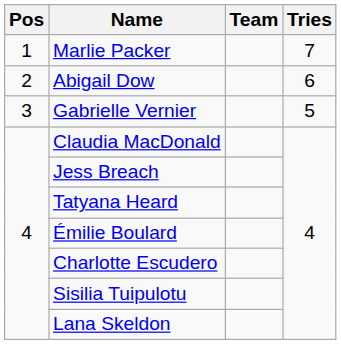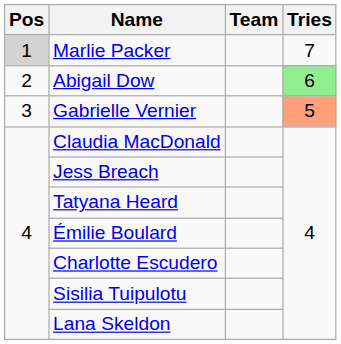 <table class="wikitable" style="text-align:center">
 <tr>
 <th>Pos</th>
 <th>Name</th>
 <th>Team</th>
 <th>Tries</th>
 </tr>
 <tr>
-<td>1</td>
+<td style="background: lightgrey;">1</td>
 <td align="left"><a href='#'>Marlie Packer</a></td>
 <td align="left"></td>
 <td>7</td>
 </tr>
 <tr>
 <td>2</td>
 <td align="left"><a href='#'>Abigail Dow</a></td>
 <td align="left"></td>
-<td>6</td>
+<td style="background: lightgreen;">6</td>
 </tr>
 <tr>
 <td>3</td>
 <td align="left"><a href='#'>Gabrielle Vernier</a></td>
 <td align="left"></td>
-<td>5</td>
+<td style="background: lightsalmon;">5</td>
 </tr>
 <tr>
 <td rowspan=7>4</td>
 <td align="left"><a href='#'>Claudia MacDonald</a></td>
 <td align="left"></td>
 <td rowspan=7>4</td>
 </tr>
 <tr>
 <td align="left"><a href='#'>Jess Breach</a></td>
 <td align="left"></td>
 </tr>
 <tr>
 <td align="left"><a href='#'>Tatyana Heard</a></td>
 <td align="left"></td>
 </tr>
 <tr>
 <td align="left"><a href='#'>Émilie Boulard</a></td>
 <td align="left"></td>
 </tr>
 <tr>
 <td align="left"><a href='#'>Charlotte Escudero</a></td>
 <td align="left"></td>
 </tr>
 <tr>
 <td align="left"><a href='#'>Sisilia Tuipulotu</a></td>
 <td align="left"></td>
 </tr>
 <tr>
 <td align="left"><a href='#'>Lana Skeldon</a></td>
 <td align="left"></td>
 </tr>
 </table>
